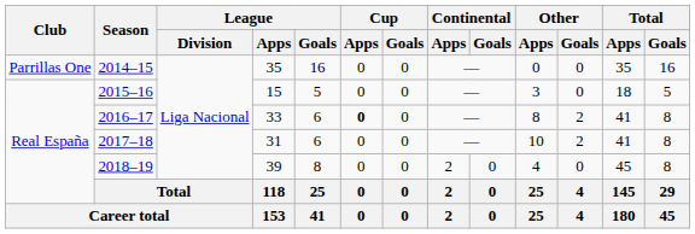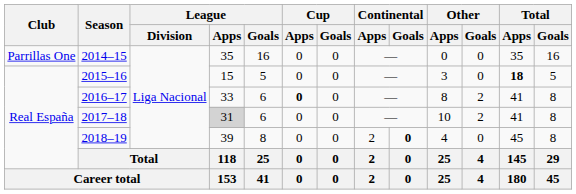 <table class="wikitable" style="text-align:center">
 <tr>
 <th rowspan="2">Club</th>
 <th rowspan="2">Season</th>
 <th colspan="3">League</th>
 <th colspan="2">Cup</th>
 <th colspan="2">Continental</th>
 <th colspan="2">Other</th>
 <th colspan="2">Total</th>
 </tr>
 <tr>
 <th>Division</th>
 <th>Apps</th>
 <th>Goals</th>
 <th>Apps</th>
 <th>Goals</th>
 <th>Apps</th>
 <th>Goals</th>
 <th>Apps</th>
 <th>Goals</th>
 <th>Apps</th>
 <th>Goals</th>
 </tr>
 <tr>
 <td rowspan="1"><a href='#'>Parrillas One</a></td>
 <td><a href='#'>2014–15</a></td>
 <td rowspan="5"><a href='#'>Liga Nacional</a></td>
 <td>35</td>
 <td>16</td>
 <td>0</td>
 <td>0</td>
 <td colspan="2">—</td>
 <td>0</td>
 <td>0</td>
 <td>35</td>
 <td>16</td>
 </tr>
 <tr>
 <td rowspan="5"><a href='#'>Real España</a></td>
 <td><a href='#'>2015–16</a></td>
 <td>15</td>
 <td>5</td>
 <td>0</td>
 <td>0</td>
 <td colspan="2">—</td>
 <td>3</td>
 <td>0</td>
-<td>18</td>
+<td><strong>18</strong></td>
 <td>5</td>
 </tr>
 <tr>
 <td><a href='#'>2016–17</a></td>
 <td>33</td>
 <td>6</td>
 <td><strong>0</strong></td>
 <td>0</td>
 <td colspan="2">—</td>
 <td>8</td>
 <td>2</td>
 <td>41</td>
 <td>8</td>
 </tr>
 <tr>
 <td><a href='#'>2017–18</a></td>
-<td>31</td>
+<td style="background: lightgrey;">31</td>
 <td>6</td>
 <td>0</td>
 <td>0</td>
 <td colspan="2">—</td>
 <td>10</td>
 <td>2</td>
 <td>41</td>
 <td>8</td>
 </tr>
 <tr>
 <td><a href='#'>2018–19</a></td>
 <td>39</td>
 <td>8</td>
 <td>0</td>
 <td>0</td>
 <td>2</td>
-<td>0</td>
+<td><strong>0</strong></td>
 <td>4</td>
 <td>0</td>
 <td>45</td>
 <td>8</td>
 </tr>
 <tr>
 <th colspan="2">Total</th>
 <th>118</th>
 <th>25</th>
 <th>0</th>
 <th>0</th>
 <th>2</th>
 <th>0</th>
 <th>25</th>
 <th>4</th>
 <th>145</th>
 <th>29</th>
 </tr>
 <tr>
 <th colspan="3">Career total</th>
 <th>153</th>
 <th>41</th>
 <th>0</th>
 <th>0</th>
 <th>2</th>
 <th>0</th>
 <th>25</th>
 <th>4</th>
 <th>180</th>
 <th>45</th>
 </tr>
 </table>
